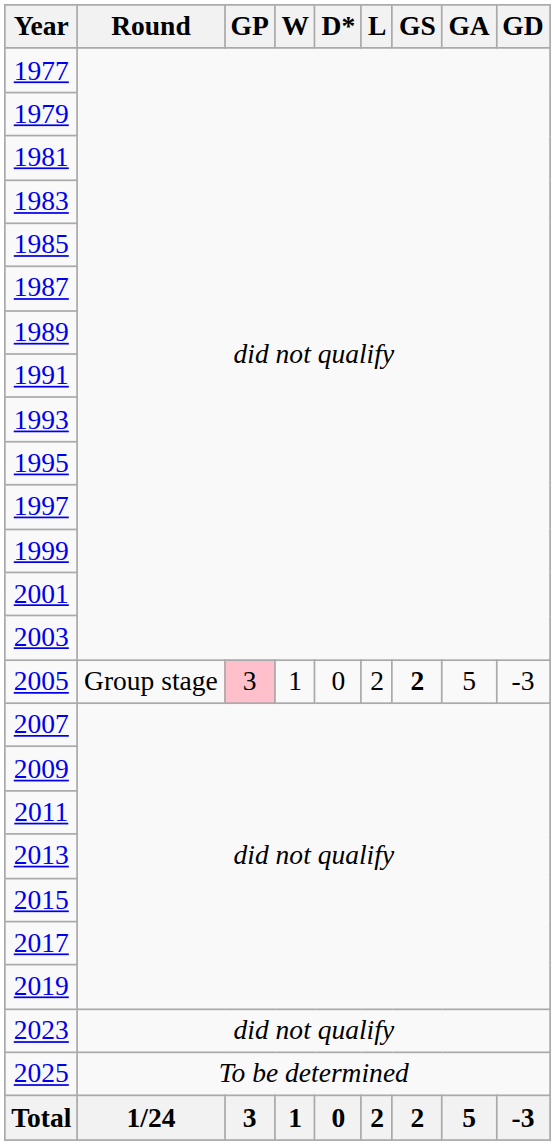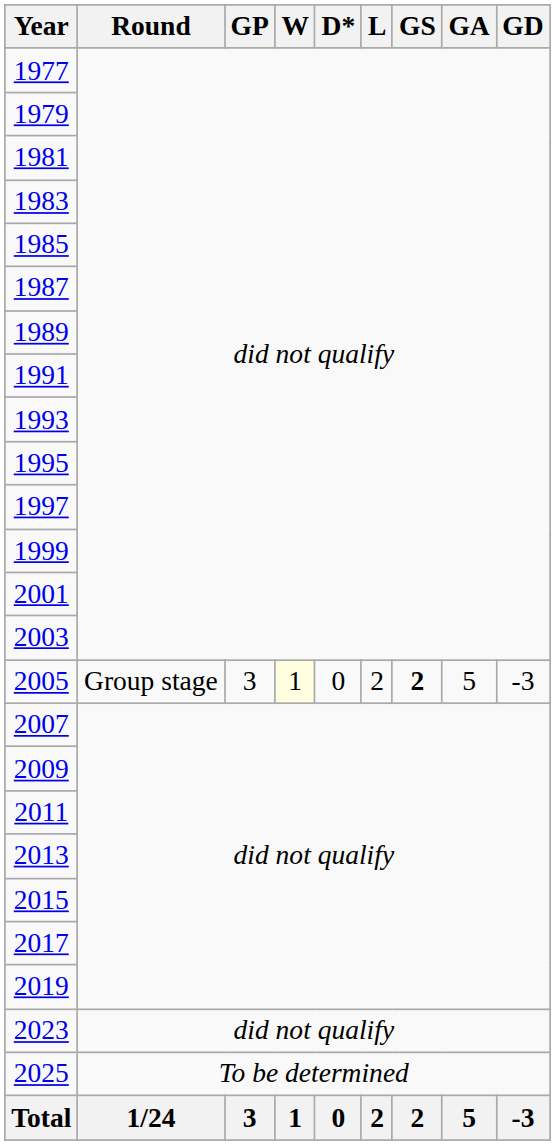 <table class="wikitable" style="text-align: center;">
 <tr>
 <th>Year</th>
 <th>Round</th>
 <th>GP</th>
 <th>W</th>
 <th>D*</th>
 <th>L</th>
 <th>GS</th>
 <th>GA</th>
 <th>GD</th>
 </tr>
 <tr>
 <td> <a href='#'>1977</a></td>
 <td rowspan=14 colspan=8><em>did not qualify</em></td>
 </tr>
 <tr>
 <td> <a href='#'>1979</a></td>
 </tr>
 <tr>
 <td> <a href='#'>1981</a></td>
 </tr>
 <tr>
 <td> <a href='#'>1983</a></td>
 </tr>
 <tr>
 <td> <a href='#'>1985</a></td>
 </tr>
 <tr>
 <td> <a href='#'>1987</a></td>
 </tr>
 <tr>
 <td> <a href='#'>1989</a></td>
 </tr>
 <tr>
 <td> <a href='#'>1991</a></td>
 </tr>
 <tr>
 <td> <a href='#'>1993</a></td>
 </tr>
 <tr>
 <td> <a href='#'>1995</a></td>
 </tr>
 <tr>
 <td> <a href='#'>1997</a></td>
 </tr>
 <tr>
 <td> <a href='#'>1999</a></td>
 </tr>
 <tr>
 <td> <a href='#'>2001</a></td>
 </tr>
 <tr>
 <td> <a href='#'>2003</a></td>
 </tr>
 <tr>
 <td> <a href='#'>2005</a></td>
 <td>Group stage</td>
-<td style="background: pink;">3</td>
-<td>1</td>
+<td>3</td>
+<td style="background: lightyellow;">1</td>
 <td>0</td>
 <td>2</td>
 <td><strong>2</strong></td>
 <td>5</td>
 <td>-3</td>
 </tr>
 <tr>
 <td> <a href='#'>2007</a></td>
 <td rowspan=7 colspan=8><em>did not qualify</em></td>
 </tr>
 <tr>
 <td> <a href='#'>2009</a></td>
 </tr>
 <tr>
 <td> <a href='#'>2011</a></td>
 </tr>
 <tr>
 <td> <a href='#'>2013</a></td>
 </tr>
 <tr>
 <td> <a href='#'>2015</a></td>
 </tr>
 <tr>
 <td> <a href='#'>2017</a></td>
 </tr>
 <tr>
 <td> <a href='#'>2019</a></td>
 </tr>
 <tr>
 <td> <a href='#'>2023</a></td>
 <td colspan=8><em>did not qualify</em></td>
 </tr>
 <tr>
 <td> <a href='#'>2025</a></td>
 <td colspan=8><em>To be determined</em></td>
 </tr>
 <tr>
 <th><strong>Total</strong></th>
 <th>1/24</th>
 <th>3</th>
 <th>1</th>
 <th>0</th>
 <th>2</th>
 <th>2</th>
 <th>5</th>
 <th>-3</th>
 </tr>
 </table>
